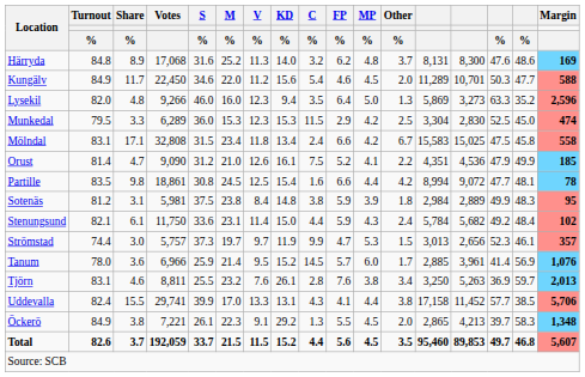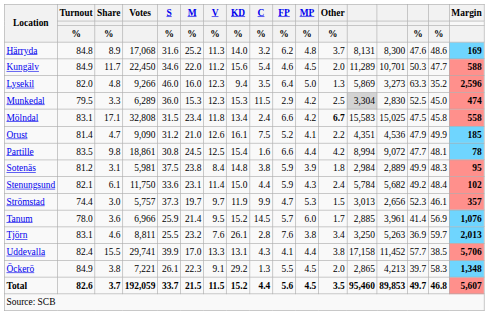 <table class="wikitable sortable" style="text-align:right; font-size:95%; line-height:20px;">
 <tr>
 <th rowspan="3">Location</th>
 <th>Turnout</th>
 <th>Share</th>
 <th>Votes</th>
 <th width="30px" class="unsortable"><a href='#'>S</a></th>
 <th width="30px" class="unsortable"><a href='#'>M</a></th>
 <th width="30px" class="unsortable"><a href='#'>V</a></th>
 <th width="30px" class="unsortable"><a href='#'>KD</a></th>
 <th width="30px" class="unsortable"><a href='#'>C</a></th>
 <th width="30px" class="unsortable"><a href='#'>FP</a></th>
 <th width="30px" class="unsortable"><a href='#'>MP</a></th>
 <th width="30px" class="unsortable">Other</th>
 <th></th>
 <th></th>
 <th></th>
 <th></th>
 <th>Margin</th>
 </tr>
 <tr>
 <th></th>
 <th></th>
 <th></th>
 <th style="background:"></th>
 <th style="background:"></th>
 <th style="background:"></th>
 <th style="background:"></th>
 <th style="background:"></th>
 <th style="background:"></th>
 <th style="background:"></th>
 <th style="background:"></th>
 <th style="background:"></th>
 <th style="background:"></th>
 <th style="background:"></th>
 <th style="background:"></th>
 </tr>
 <tr>
 <th data-sort-type="number">%</th>
 <th data-sort-type="number">%</th>
 <th></th>
 <th data-sort-type="number">%</th>
 <th data-sort-type="number">%</th>
 <th data-sort-type="number">%</th>
 <th data-sort-type="number">%</th>
 <th data-sort-type="number">%</th>
 <th data-sort-type="number">%</th>
 <th data-sort-type="number">%</th>
 <th data-sort-type="number">%</th>
 <th data-sort-type="number"></th>
 <th data-sort-type="number"></th>
 <th data-sort-type="number">%</th>
 <th data-sort-type="number">%</th>
 <th data-sort-type="number"></th>
 </tr>
 <tr>
 <td align=left><a href='#'>Härryda</a></td>
 <td>84.8</td>
 <td>8.9</td>
 <td>17,068</td>
 <td>31.6</td>
 <td>25.2</td>
 <td>11.3</td>
 <td>14.0</td>
 <td>3.2</td>
 <td>6.2</td>
 <td>4.8</td>
 <td>3.7</td>
 <td>8,131</td>
 <td>8,300</td>
 <td>47.6</td>
 <td>48.6</td>
 <td bgcolor=#6fd5fe><strong>169</strong></td>
 </tr>
 <tr>
 <td align=left><a href='#'>Kungälv</a></td>
 <td>84.9</td>
 <td>11.7</td>
 <td>22,450</td>
 <td>34.6</td>
 <td>22.0</td>
 <td>11.2</td>
 <td>15.6</td>
 <td>5.4</td>
 <td>4.6</td>
 <td>4.5</td>
 <td>2.0</td>
 <td>11,289</td>
 <td>10,701</td>
 <td>50.3</td>
 <td>47.7</td>
 <td bgcolor=#ff908c><strong>588</strong></td>
 </tr>
 <tr>
 <td align=left><a href='#'>Lysekil</a></td>
 <td>82.0</td>
 <td>4.8</td>
 <td>9,266</td>
 <td>46.0</td>
 <td>16.0</td>
 <td>12.3</td>
 <td>9.4</td>
 <td>3.5</td>
 <td>6.4</td>
 <td>5.0</td>
 <td>1.3</td>
 <td>5,869</td>
 <td>3,273</td>
 <td>63.3</td>
 <td>35.2</td>
 <td bgcolor=#ff908c><strong>2,596</strong></td>
 </tr>
 <tr>
 <td align=left><a href='#'>Munkedal</a></td>
 <td>79.5</td>
 <td>3.3</td>
 <td>6,289</td>
 <td>36.0</td>
 <td>15.3</td>
 <td>12.3</td>
 <td>15.3</td>
 <td>11.5</td>
 <td>2.9</td>
 <td>4.2</td>
 <td>2.5</td>
-<td>3,304</td>
+<td style="background: lightgrey;">3,304</td>
 <td>2,830</td>
 <td>52.5</td>
 <td>45.0</td>
 <td bgcolor=#ff908c><strong>474</strong></td>
 </tr>
 <tr>
 <td align=left><a href='#'>Mölndal</a></td>
 <td>83.1</td>
 <td>17.1</td>
 <td>32,808</td>
 <td>31.5</td>
 <td>23.4</td>
 <td>11.8</td>
 <td>13.4</td>
 <td>2.4</td>
 <td>6.6</td>
 <td>4.2</td>
-<td>6.7</td>
+<td><strong>6.7</strong></td>
 <td>15,583</td>
 <td>15,025</td>
 <td>47.5</td>
 <td>45.8</td>
 <td bgcolor=#ff908c><strong>558</strong></td>
 </tr>
 <tr>
 <td align=left><a href='#'>Orust</a></td>
 <td>81.4</td>
 <td>4.7</td>
 <td>9,090</td>
 <td>31.2</td>
 <td>21.0</td>
 <td>12.6</td>
 <td>16.1</td>
 <td>7.5</td>
 <td>5.2</td>
 <td>4.1</td>
 <td>2.2</td>
 <td>4,351</td>
 <td>4,536</td>
 <td>47.9</td>
 <td>49.9</td>
 <td bgcolor=#6fd5fe><strong>185</strong></td>
 </tr>
 <tr>
 <td align=left><a href='#'>Partille</a></td>
 <td>83.5</td>
 <td>9.8</td>
 <td>18,861</td>
 <td>30.8</td>
 <td>24.5</td>
 <td>12.5</td>
 <td>15.4</td>
 <td>1.6</td>
 <td>6.6</td>
 <td>4.4</td>
 <td>4.2</td>
 <td>8,994</td>
 <td>9,072</td>
 <td>47.7</td>
 <td>48.1</td>
 <td bgcolor=#6fd5fe><strong>78</strong></td>
 </tr>
 <tr>
 <td align=left><a href='#'>Sotenäs</a></td>
 <td>81.2</td>
 <td>3.1</td>
 <td>5,981</td>
 <td>37.5</td>
 <td>23.8</td>
 <td>8.4</td>
 <td>14.8</td>
 <td>3.8</td>
 <td>5.9</td>
 <td>3.9</td>
 <td>1.8</td>
 <td>2,984</td>
 <td>2,889</td>
 <td>49.9</td>
 <td>48.3</td>
 <td bgcolor=#ff908c><strong>95</strong></td>
 </tr>
 <tr>
 <td align=left><a href='#'>Stenungsund</a></td>
 <td>82.1</td>
 <td>6.1</td>
 <td>11,750</td>
 <td>33.6</td>
 <td>23.1</td>
 <td>11.4</td>
 <td>15.0</td>
 <td>4.4</td>
 <td>5.9</td>
 <td>4.3</td>
 <td>2.4</td>
 <td>5,784</td>
 <td>5,682</td>
 <td>49.2</td>
 <td>48.4</td>
 <td bgcolor=#ff908c><strong>102</strong></td>
 </tr>
 <tr>
 <td align=left><a href='#'>Strömstad</a></td>
 <td>74.4</td>
 <td>3.0</td>
 <td>5,757</td>
 <td>37.3</td>
 <td>19.7</td>
 <td>9.7</td>
 <td>11.9</td>
 <td>9.9</td>
 <td>4.7</td>
 <td>5.3</td>
 <td>1.5</td>
 <td>3,013</td>
 <td>2,656</td>
 <td>52.3</td>
 <td>46.1</td>
 <td bgcolor=#ff908c><strong>357</strong></td>
 </tr>
 <tr>
 <td align=left><a href='#'>Tanum</a></td>
 <td>78.0</td>
 <td>3.6</td>
 <td>6,966</td>
 <td>25.9</td>
 <td>21.4</td>
 <td>9.5</td>
 <td>15.2</td>
 <td>14.5</td>
 <td>5.7</td>
 <td>6.0</td>
 <td>1.7</td>
 <td>2,885</td>
 <td>3,961</td>
 <td>41.4</td>
 <td>56.9</td>
 <td bgcolor=#6fd5fe><strong>1,076</strong></td>
 </tr>
 <tr>
 <td align=left><a href='#'>Tjörn</a></td>
 <td>83.1</td>
 <td>4.6</td>
 <td>8,811</td>
 <td>25.5</td>
 <td>23.2</td>
 <td>7.6</td>
 <td>26.1</td>
 <td>2.8</td>
 <td>7.6</td>
 <td>3.8</td>
 <td>3.4</td>
 <td>3,250</td>
 <td>5,263</td>
 <td>36.9</td>
 <td>59.7</td>
 <td bgcolor=#6fd5fe><strong>2,013</strong></td>
 </tr>
 <tr>
 <td align=left><a href='#'>Uddevalla</a></td>
 <td>82.4</td>
 <td>15.5</td>
 <td>29,741</td>
 <td>39.9</td>
 <td>17.0</td>
 <td>13.3</td>
 <td>13.1</td>
 <td>4.3</td>
 <td>4.1</td>
 <td>4.4</td>
 <td>3.8</td>
 <td>17,158</td>
 <td>11,452</td>
 <td>57.7</td>
 <td>38.5</td>
 <td bgcolor=#ff908c><strong>5,706</strong></td>
 </tr>
 <tr>
 <td align=left><a href='#'>Öckerö</a></td>
 <td>84.9</td>
 <td>3.8</td>
 <td>7,221</td>
 <td>26.1</td>
 <td>22.3</td>
 <td>9.1</td>
 <td>29.2</td>
 <td>1.3</td>
 <td>5.5</td>
 <td>4.5</td>
 <td>2.0</td>
 <td>2,865</td>
 <td>4,213</td>
 <td>39.7</td>
 <td>58.3</td>
 <td bgcolor=#6fd5fe><strong>1,348</strong></td>
 </tr>
 <tr>
 <td align=left><strong>Total</strong></td>
 <td><strong>82.6</strong></td>
 <td><strong>3.7</strong></td>
 <td><strong>192,059</strong></td>
 <td><strong>33.7</strong></td>
 <td><strong>21.5</strong></td>
 <td><strong>11.5</strong></td>
 <td><strong>15.2</strong></td>
 <td><strong>4.4</strong></td>
 <td><strong>5.6</strong></td>
 <td><strong>4.5</strong></td>
 <td><strong>3.5</strong></td>
 <td><strong>95,460</strong></td>
 <td><strong>89,853</strong></td>
 <td><strong>49.7</strong></td>
 <td><strong>46.8</strong></td>
 <td bgcolor=#ff908c><strong>5,607</strong></td>
 </tr>
 <tr>
 <td align=left colspan=17>Source: SCB </td>
 </tr>
 </table>
